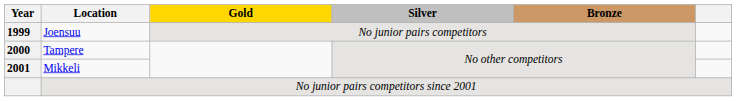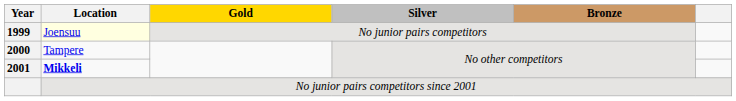 <table class="wikitable unsortable" style="text-align:left; width:80%">
 <tr>
 <th scope="col" style="text-align:center; width:5%">Year</th>
 <th scope="col" style="text-align:center; width:15%">Location</th>
 <td scope="col" style="text-align:center; width:25%; background:gold"><strong>Gold</strong></td>
 <td scope="col" style="text-align:center; width:25%; background:silver"><strong>Silver</strong></td>
 <td scope="col" style="text-align:center; width:25%; background:#c96"><strong>Bronze</strong></td>
 <th scope="col" style="text-align:center; width:5%"></th>
 </tr>
 <tr>
 <th scope="row" style="text-align:left">1999</th>
-<td><a href='#'>Joensuu</a></td>
+<td style="background: lightyellow;"><a href='#'>Joensuu</a></td>
 <td colspan="3" bgcolor="e5e4e2" align="center"><em>No junior pairs competitors</em></td>
 <td></td>
 </tr>
 <tr>
 <th scope="row" style="text-align:left">2000</th>
 <td><a href='#'>Tampere</a></td>
 <td rowspan="2"></td>
 <td colspan="2" rowspan="2" bgcolor="e5e4e2" align="center"><em>No other competitors</em></td>
 <td></td>
 </tr>
 <tr>
 <th scope="row" style="text-align:left">2001</th>
-<td><a href='#'>Mikkeli</a></td>
+<td><strong><a href='#'>Mikkeli</a></strong></td>
 <td></td>
 </tr>
 <tr>
 <th scope="row" style="text-align:left"></th>
 <td colspan="5" bgcolor="e5e4e2" align="center"><em>No junior pairs competitors since 2001</em></td>
 </tr>
 </table>
